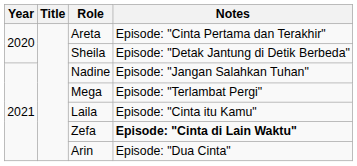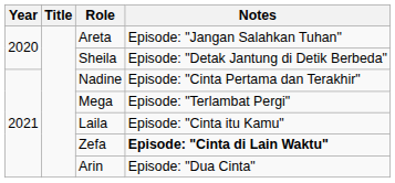 <table class="wikitable sortable">
 <tr>
 <th>Year</th>
 <th>Title</th>
 <th>Role</th>
 <th>Notes</th>
 </tr>
 <tr>
 <td rowspan="2">2020</td>
 <td rowspan="7"></td>
 <td>Areta</td>
-<td>Episode: "Cinta Pertama dan Terakhir"</td>
+<td>Episode: "Jangan Salahkan Tuhan"</td>
 </tr>
 <tr>
 <td>Sheila</td>
 <td>Episode: "Detak Jantung di Detik Berbeda"</td>
 </tr>
 <tr>
 <td rowspan="5">2021</td>
 <td>Nadine</td>
-<td>Episode: "Jangan Salahkan Tuhan"</td>
+<td>Episode: "Cinta Pertama dan Terakhir"</td>
 </tr>
 <tr>
 <td>Mega</td>
 <td>Episode: "Terlambat Pergi"</td>
 </tr>
 <tr>
 <td>Laila</td>
 <td>Episode: "Cinta itu Kamu"</td>
 </tr>
 <tr>
 <td>Zefa</td>
 <td><strong>Episode: "Cinta di Lain Waktu"</strong></td>
 </tr>
 <tr>
 <td>Arin</td>
 <td>Episode: "Dua Cinta"</td>
 </tr>
 </table>
